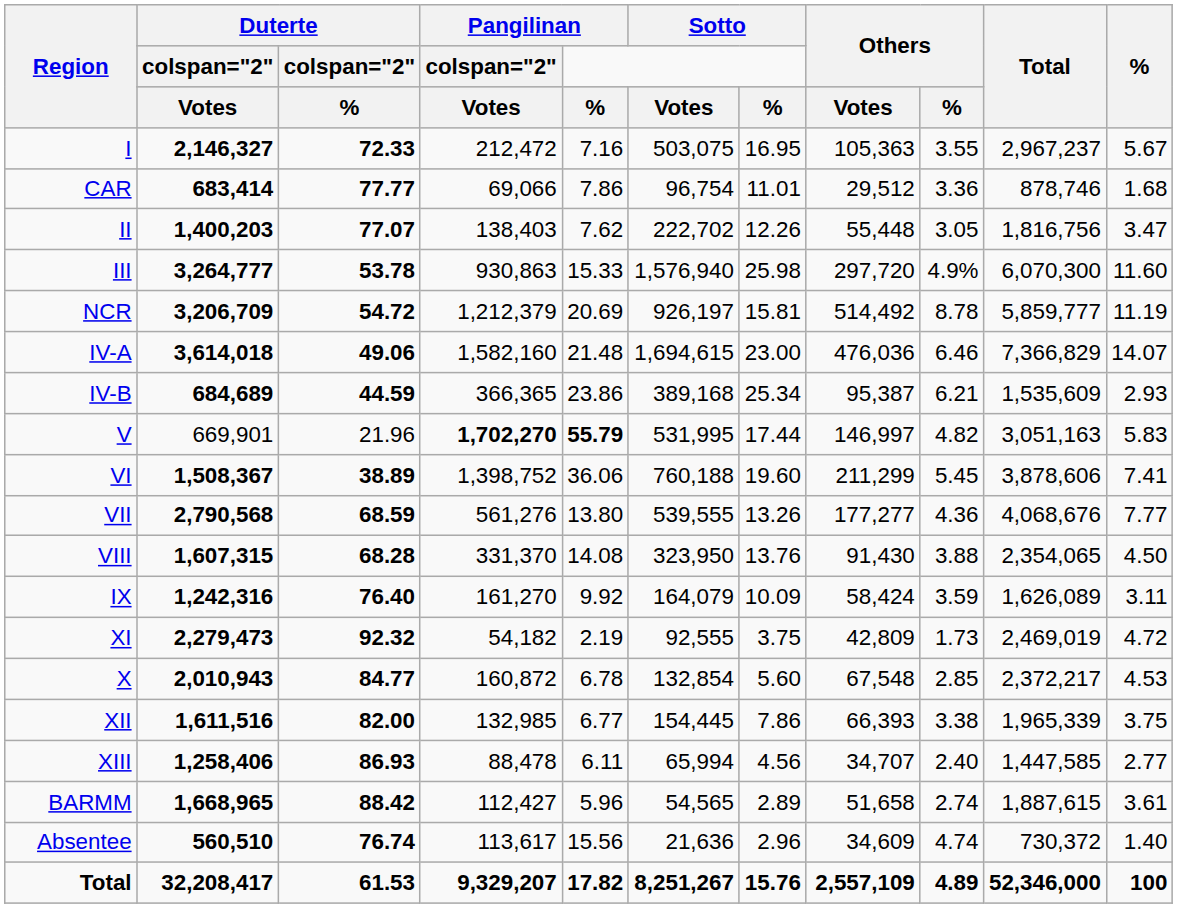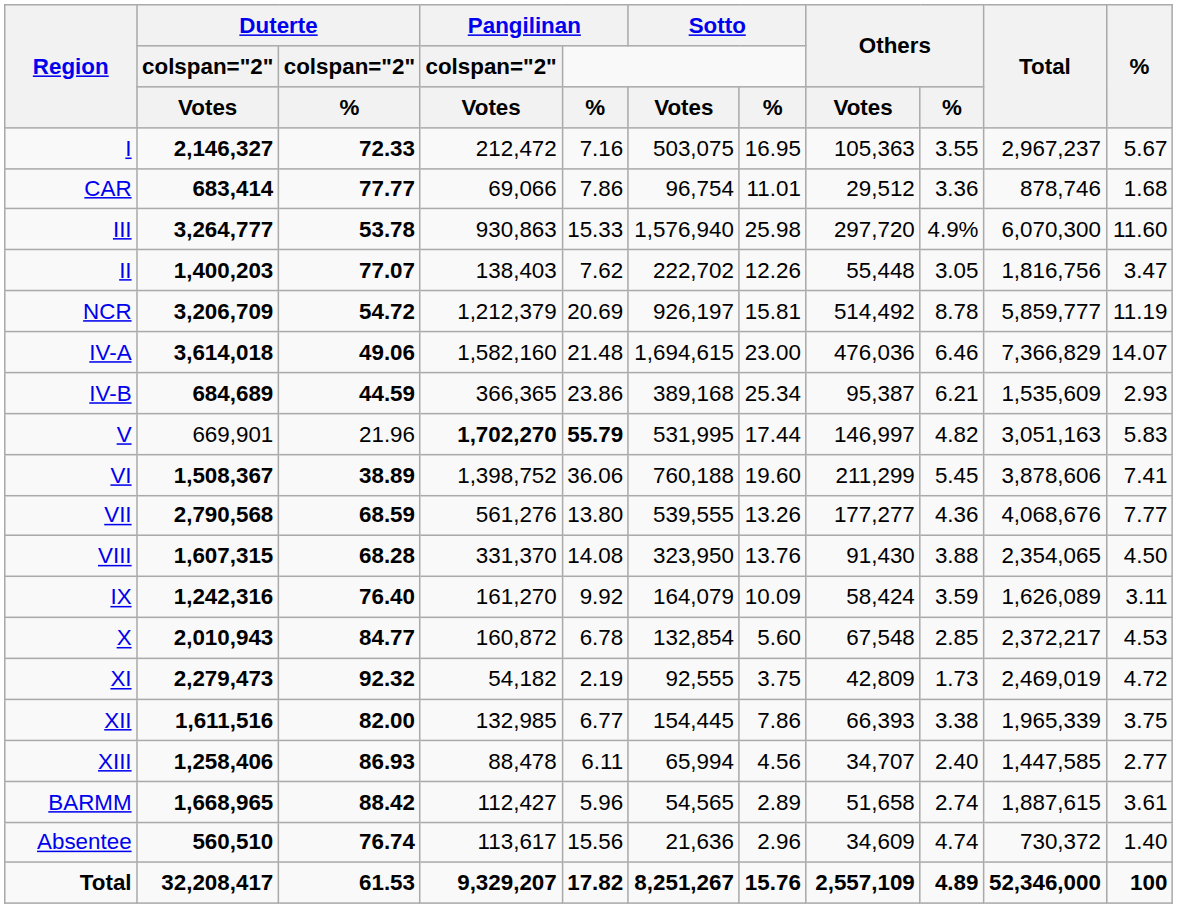 <table class="wikitable" style="text-align:right; font-size:92%; line-height:20px;">
 <tr>
 <th rowspan="3" width="80"><a href='#'>Region</a></th>
 <th colspan="2" width="110"><a href='#'>Duterte</a></th>
 <th colspan="2" width="110"><a href='#'>Pangilinan</a></th>
 <th colspan="2" width="110"><a href='#'>Sotto</a></th>
 <th colspan="2" width="110" rowspan="2">Others</th>
 <th rowspan="3">Total</th>
 <th rowspan="3">%</th>
 </tr>
 <tr>
 <th>colspan="2" </th>
 <th>colspan="2" </th>
 <th>colspan="2" </th>
 </tr>
 <tr>
 <th>Votes</th>
 <th>%</th>
 <th>Votes</th>
 <th>%</th>
 <th>Votes</th>
 <th>%</th>
 <th>Votes</th>
 <th>%</th>
 </tr>
 <tr>
 <td><a href='#'>I</a></td>
 <td><strong>2,146,327</strong></td>
 <td><strong>72.33</strong></td>
 <td>212,472</td>
 <td>7.16</td>
 <td>503,075</td>
 <td>16.95</td>
 <td>105,363</td>
 <td>3.55</td>
 <td>2,967,237</td>
 <td>5.67</td>
 </tr>
 <tr>
 <td><a href='#'>CAR</a></td>
 <td><strong>683,414</strong></td>
 <td><strong>77.77</strong></td>
 <td>69,066</td>
 <td>7.86</td>
 <td>96,754</td>
 <td>11.01</td>
 <td>29,512</td>
 <td>3.36</td>
 <td>878,746</td>
 <td>1.68</td>
 </tr>
 <tr>
+<td><a href='#'>III</a></td>
+<td><strong>3,264,777</strong></td>
+<td><strong>53.78</strong></td>
+<td>930,863</td>
+<td>15.33</td>
+<td>1,576,940</td>
+<td>25.98</td>
+<td>297,720</td>
+<td>4.9%</td>
+<td>6,070,300</td>
+<td>11.60</td>
+</tr>
+<tr>
 <td><a href='#'>II</a></td>
 <td><strong>1,400,203</strong></td>
 <td><strong>77.07</strong></td>
 <td>138,403</td>
 <td>7.62</td>
 <td>222,702</td>
 <td>12.26</td>
 <td>55,448</td>
 <td>3.05</td>
 <td>1,816,756</td>
 <td>3.47</td>
-</tr>
-<tr>
-<td><a href='#'>III</a></td>
-<td><strong>3,264,777</strong></td>
-<td><strong>53.78</strong></td>
-<td>930,863</td>
-<td>15.33</td>
-<td>1,576,940</td>
-<td>25.98</td>
-<td>297,720</td>
-<td>4.9%</td>
-<td>6,070,300</td>
-<td>11.60</td>
 </tr>
 <tr>
 <td><a href='#'>NCR</a></td>
 <td><strong>3,206,709</strong></td>
 <td><strong>54.72</strong></td>
 <td>1,212,379</td>
 <td>20.69</td>
 <td>926,197</td>
 <td>15.81</td>
 <td>514,492</td>
 <td>8.78</td>
 <td>5,859,777</td>
 <td>11.19</td>
 </tr>
 <tr>
 <td><a href='#'>IV-A</a></td>
 <td><strong>3,614,018</strong></td>
 <td><strong>49.06</strong></td>
 <td>1,582,160</td>
 <td>21.48</td>
 <td>1,694,615</td>
 <td>23.00</td>
 <td>476,036</td>
 <td>6.46</td>
 <td>7,366,829</td>
 <td>14.07</td>
 </tr>
 <tr>
 <td><a href='#'>IV-B</a></td>
 <td><strong>684,689</strong></td>
 <td><strong>44.59</strong></td>
 <td>366,365</td>
 <td>23.86</td>
 <td>389,168</td>
 <td>25.34</td>
 <td>95,387</td>
 <td>6.21</td>
 <td>1,535,609</td>
 <td>2.93</td>
 </tr>
 <tr>
 <td><a href='#'>V</a></td>
 <td>669,901</td>
 <td>21.96</td>
 <td><strong>1,702,270</strong></td>
 <td><strong>55.79</strong></td>
 <td>531,995</td>
 <td>17.44</td>
 <td>146,997</td>
 <td>4.82</td>
 <td>3,051,163</td>
 <td>5.83</td>
 </tr>
 <tr>
 <td><a href='#'>VI</a></td>
 <td><strong>1,508,367</strong></td>
 <td><strong>38.89</strong></td>
 <td>1,398,752</td>
 <td>36.06</td>
 <td>760,188</td>
 <td>19.60</td>
 <td>211,299</td>
 <td>5.45</td>
 <td>3,878,606</td>
 <td>7.41</td>
 </tr>
 <tr>
 <td><a href='#'>VII</a></td>
 <td><strong>2,790,568</strong></td>
 <td><strong>68.59</strong></td>
 <td>561,276</td>
 <td>13.80</td>
 <td>539,555</td>
 <td>13.26</td>
 <td>177,277</td>
 <td>4.36</td>
 <td>4,068,676</td>
 <td>7.77</td>
 </tr>
 <tr>
 <td><a href='#'>VIII</a></td>
 <td><strong>1,607,315</strong></td>
 <td><strong>68.28</strong></td>
 <td>331,370</td>
 <td>14.08</td>
 <td>323,950</td>
 <td>13.76</td>
 <td>91,430</td>
 <td>3.88</td>
 <td>2,354,065</td>
 <td>4.50</td>
 </tr>
 <tr>
 <td><a href='#'>IX</a></td>
 <td><strong>1,242,316</strong></td>
 <td><strong>76.40</strong></td>
 <td>161,270</td>
 <td>9.92</td>
 <td>164,079</td>
 <td>10.09</td>
 <td>58,424</td>
 <td>3.59</td>
 <td>1,626,089</td>
 <td>3.11</td>
 </tr>
 <tr>
+<td><a href='#'>X</a></td>
+<td><strong>2,010,943</strong></td>
+<td><strong>84.77</strong></td>
+<td>160,872</td>
+<td>6.78</td>
+<td>132,854</td>
+<td>5.60</td>
+<td>67,548</td>
+<td>2.85</td>
+<td>2,372,217</td>
+<td>4.53</td>
+</tr>
+<tr>
 <td><a href='#'>XI</a></td>
 <td><strong>2,279,473</strong></td>
 <td><strong>92.32</strong></td>
 <td>54,182</td>
 <td>2.19</td>
 <td>92,555</td>
 <td>3.75</td>
 <td>42,809</td>
 <td>1.73</td>
 <td>2,469,019</td>
 <td>4.72</td>
-</tr>
-<tr>
-<td><a href='#'>X</a></td>
-<td><strong>2,010,943</strong></td>
-<td><strong>84.77</strong></td>
-<td>160,872</td>
-<td>6.78</td>
-<td>132,854</td>
-<td>5.60</td>
-<td>67,548</td>
-<td>2.85</td>
-<td>2,372,217</td>
-<td>4.53</td>
 </tr>
 <tr>
 <td><a href='#'>XII</a></td>
 <td><strong>1,611,516</strong></td>
 <td><strong>82.00</strong></td>
 <td>132,985</td>
 <td>6.77</td>
 <td>154,445</td>
 <td>7.86</td>
 <td>66,393</td>
 <td>3.38</td>
 <td>1,965,339</td>
 <td>3.75</td>
 </tr>
 <tr>
 <td><a href='#'>XIII</a></td>
 <td><strong>1,258,406</strong></td>
 <td><strong>86.93</strong></td>
 <td>88,478</td>
 <td>6.11</td>
 <td>65,994</td>
 <td>4.56</td>
 <td>34,707</td>
 <td>2.40</td>
 <td>1,447,585</td>
 <td>2.77</td>
 </tr>
 <tr>
 <td><a href='#'>BARMM</a></td>
 <td><strong>1,668,965</strong></td>
 <td><strong>88.42</strong></td>
 <td>112,427</td>
 <td>5.96</td>
 <td>54,565</td>
 <td>2.89</td>
 <td>51,658</td>
 <td>2.74</td>
 <td>1,887,615</td>
 <td>3.61</td>
 </tr>
 <tr>
 <td><a href='#'>Absentee</a></td>
 <td><strong>560,510</strong></td>
 <td><strong>76.74</strong></td>
 <td>113,617</td>
 <td>15.56</td>
 <td>21,636</td>
 <td>2.96</td>
 <td>34,609</td>
 <td>4.74</td>
 <td>730,372</td>
 <td>1.40</td>
 </tr>
 <tr>
 <td><strong>Total</strong></td>
 <td><strong>32,208,417</strong></td>
 <td><strong>61.53</strong></td>
 <td><strong>9,329,207</strong></td>
 <td><strong>17.82</strong></td>
 <td><strong>8,251,267</strong></td>
 <td><strong>15.76</strong></td>
 <td><strong>2,557,109</strong></td>
 <td><strong>4.89</strong></td>
 <td><strong>52,346,000</strong></td>
 <td><strong>100</strong></td>
 </tr>
 </table>
